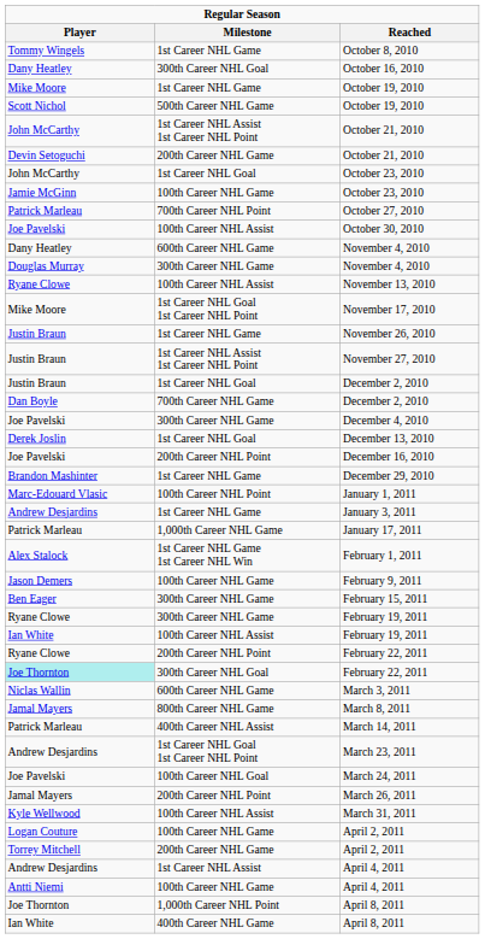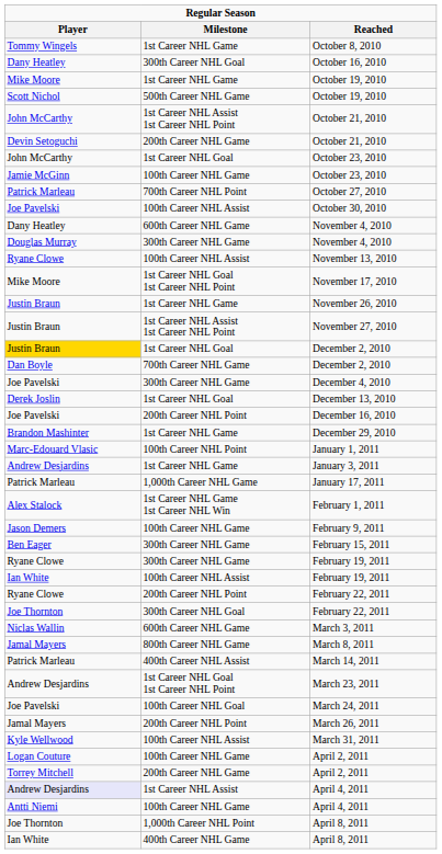 <table class="wikitable" width="52%">
 <tr>
 <td colspan="10" align="center"><strong>Regular Season</strong></td>
 </tr>
 <tr>
 <th>Player</th>
 <th>Milestone</th>
 <th>Reached</th>
 </tr>
 <tr>
 <td><a href='#'>Tommy Wingels</a></td>
 <td>1st Career NHL Game</td>
 <td>October 8, 2010</td>
 </tr>
 <tr>
 <td><a href='#'>Dany Heatley</a></td>
 <td>300th Career NHL Goal</td>
 <td>October 16, 2010</td>
 </tr>
 <tr>
 <td><a href='#'>Mike Moore</a></td>
 <td>1st Career NHL Game</td>
 <td>October 19, 2010</td>
 </tr>
 <tr>
 <td><a href='#'>Scott Nichol</a></td>
 <td>500th Career NHL Game</td>
 <td>October 19, 2010</td>
 </tr>
 <tr>
 <td><a href='#'>John McCarthy</a></td>
 <td>1st Career NHL Assist<br>1st Career NHL Point</td>
 <td>October 21, 2010</td>
 </tr>
 <tr>
 <td><a href='#'>Devin Setoguchi</a></td>
 <td>200th Career NHL Game</td>
 <td>October 21, 2010</td>
 </tr>
 <tr>
 <td>John McCarthy</td>
 <td>1st Career NHL Goal</td>
 <td>October 23, 2010</td>
 </tr>
 <tr>
 <td><a href='#'>Jamie McGinn</a></td>
 <td>100th Career NHL Game</td>
 <td>October 23, 2010</td>
 </tr>
 <tr>
 <td><a href='#'>Patrick Marleau</a></td>
 <td>700th Career NHL Point</td>
 <td>October 27, 2010</td>
 </tr>
 <tr>
 <td><a href='#'>Joe Pavelski</a></td>
 <td>100th Career NHL Assist</td>
 <td>October 30, 2010</td>
 </tr>
 <tr>
 <td>Dany Heatley</td>
 <td>600th Career NHL Game</td>
 <td>November 4, 2010</td>
 </tr>
 <tr>
 <td><a href='#'>Douglas Murray</a></td>
 <td>300th Career NHL Game</td>
 <td>November 4, 2010</td>
 </tr>
 <tr>
 <td><a href='#'>Ryane Clowe</a></td>
 <td>100th Career NHL Assist</td>
 <td>November 13, 2010</td>
 </tr>
 <tr>
 <td>Mike Moore</td>
 <td>1st Career NHL Goal<br>1st Career NHL Point</td>
 <td>November 17, 2010</td>
 </tr>
 <tr>
 <td><a href='#'>Justin Braun</a></td>
 <td>1st Career NHL Game</td>
 <td>November 26, 2010</td>
 </tr>
 <tr>
 <td>Justin Braun</td>
 <td>1st Career NHL Assist<br>1st Career NHL Point</td>
 <td>November 27, 2010</td>
 </tr>
 <tr>
-<td>Justin Braun</td>
+<td style="background: gold;">Justin Braun</td>
 <td>1st Career NHL Goal</td>
 <td>December 2, 2010</td>
 </tr>
 <tr>
 <td><a href='#'>Dan Boyle</a></td>
 <td>700th Career NHL Game</td>
 <td>December 2, 2010</td>
 </tr>
 <tr>
 <td>Joe Pavelski</td>
 <td>300th Career NHL Game</td>
 <td>December 4, 2010</td>
 </tr>
 <tr>
 <td><a href='#'>Derek Joslin</a></td>
 <td>1st Career NHL Goal</td>
 <td>December 13, 2010</td>
 </tr>
 <tr>
 <td>Joe Pavelski</td>
 <td>200th Career NHL Point</td>
 <td>December 16, 2010</td>
 </tr>
 <tr>
 <td><a href='#'>Brandon Mashinter</a></td>
 <td>1st Career NHL Game</td>
 <td>December 29, 2010</td>
 </tr>
 <tr>
 <td><a href='#'>Marc-Edouard Vlasic</a></td>
 <td>100th Career NHL Point</td>
 <td>January 1, 2011</td>
 </tr>
 <tr>
 <td><a href='#'>Andrew Desjardins</a></td>
 <td>1st Career NHL Game</td>
 <td>January 3, 2011</td>
 </tr>
 <tr>
 <td>Patrick Marleau</td>
 <td>1,000th Career NHL Game</td>
 <td>January 17, 2011</td>
 </tr>
 <tr>
 <td><a href='#'>Alex Stalock</a></td>
 <td>1st Career NHL Game<br>1st Career NHL Win</td>
 <td>February 1, 2011</td>
 </tr>
 <tr>
 <td><a href='#'>Jason Demers</a></td>
 <td>100th Career NHL Game</td>
 <td>February 9, 2011</td>
 </tr>
 <tr>
 <td><a href='#'>Ben Eager</a></td>
 <td>300th Career NHL Game</td>
 <td>February 15, 2011</td>
 </tr>
 <tr>
 <td>Ryane Clowe</td>
 <td>300th Career NHL Game</td>
 <td>February 19, 2011</td>
 </tr>
 <tr>
 <td><a href='#'>Ian White</a></td>
 <td>100th Career NHL Assist</td>
 <td>February 19, 2011</td>
 </tr>
 <tr>
 <td>Ryane Clowe</td>
 <td>200th Career NHL Point</td>
 <td>February 22, 2011</td>
 </tr>
 <tr>
-<td style="background: paleturquoise;"><a href='#'>Joe Thornton</a></td>
+<td><a href='#'>Joe Thornton</a></td>
 <td>300th Career NHL Goal</td>
 <td>February 22, 2011</td>
 </tr>
 <tr>
 <td><a href='#'>Niclas Wallin</a></td>
 <td>600th Career NHL Game</td>
 <td>March 3, 2011</td>
 </tr>
 <tr>
 <td><a href='#'>Jamal Mayers</a></td>
 <td>800th Career NHL Game</td>
 <td>March 8, 2011</td>
 </tr>
 <tr>
 <td>Patrick Marleau</td>
 <td>400th Career NHL Assist</td>
 <td>March 14, 2011</td>
 </tr>
 <tr>
 <td>Andrew Desjardins</td>
 <td>1st Career NHL Goal<br>1st Career NHL Point</td>
 <td>March 23, 2011</td>
 </tr>
 <tr>
 <td>Joe Pavelski</td>
 <td>100th Career NHL Goal</td>
 <td>March 24, 2011</td>
 </tr>
 <tr>
 <td>Jamal Mayers</td>
 <td>200th Career NHL Point</td>
 <td>March 26, 2011</td>
 </tr>
 <tr>
 <td><a href='#'>Kyle Wellwood</a></td>
 <td>100th Career NHL Assist</td>
 <td>March 31, 2011</td>
 </tr>
 <tr>
 <td><a href='#'>Logan Couture</a></td>
 <td>100th Career NHL Game</td>
 <td>April 2, 2011</td>
 </tr>
 <tr>
 <td><a href='#'>Torrey Mitchell</a></td>
 <td>200th Career NHL Game</td>
 <td>April 2, 2011</td>
 </tr>
 <tr>
-<td>Andrew Desjardins</td>
+<td style="background: lavender;">Andrew Desjardins</td>
 <td>1st Career NHL Assist</td>
 <td>April 4, 2011</td>
 </tr>
 <tr>
 <td><a href='#'>Antti Niemi</a></td>
 <td>100th Career NHL Game</td>
 <td>April 4, 2011</td>
 </tr>
 <tr>
 <td>Joe Thornton</td>
 <td>1,000th Career NHL Point</td>
 <td>April 8, 2011</td>
 </tr>
 <tr>
 <td>Ian White</td>
 <td>400th Career NHL Game</td>
 <td>April 8, 2011</td>
 </tr>
 </table>
